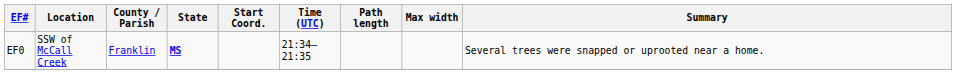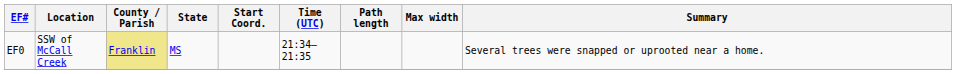 <table class="wikitable sortable" style="width:100%;">
 <tr>
 <th scope="col"  style="width:3%; text-align:center;"><a href='#'>EF#</a></th>
 <th scope="col"  style="width:7%; text-align:center;" class="unsortable">Location</th>
 <th scope="col"  style="width:6%; text-align:center;" class="unsortable">County / Parish</th>
 <th scope="col"  style="width:5%; text-align:center;">State</th>
 <th scope="col"  style="width:6%; text-align:center;">Start Coord.</th>
 <th scope="col"  style="width:6%; text-align:center;">Time (<a href='#'>UTC</a>)</th>
 <th scope="col"  style="width:6%; text-align:center;">Path length</th>
 <th scope="col"  style="width:6%; text-align:center;">Max width</th>
 <th scope="col" class="unsortable" style="width:48%; text-align:center;">Summary</th>
 </tr>
 <tr>
 <td>EF0</td>
 <td>SSW of <a href='#'>McCall Creek</a></td>
-<td><a href='#'>Franklin</a></td>
-<td><strong><a href='#'>MS</a></strong></td>
+<td style="background: khaki;"><a href='#'>Franklin</a></td>
+<td><a href='#'>MS</a></td>
 <td></td>
 <td>21:34–21:35</td>
 <td></td>
 <td></td>
 <td>Several trees were snapped or uprooted near a home.</td>
 </tr>
 <tr>
 </tr>
 </table>
